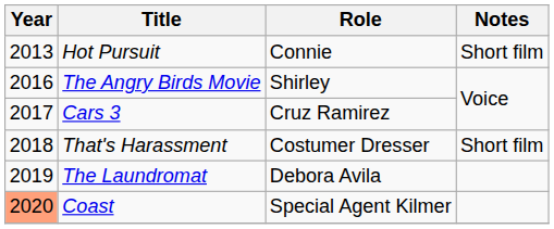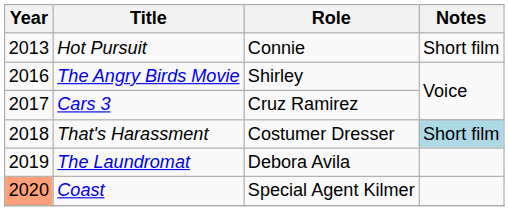 <table class="wikitable sortable">
 <tr>
 <th>Year</th>
 <th>Title</th>
 <th>Role</th>
 <th class="unsortable">Notes</th>
 </tr>
 <tr>
 <td>2013</td>
 <td><em>Hot Pursuit</em></td>
 <td>Connie</td>
 <td>Short film</td>
 </tr>
 <tr>
 <td>2016</td>
 <td><em><a href='#'>The Angry Birds Movie</a></em></td>
 <td>Shirley</td>
 <td rowspan=2>Voice</td>
 </tr>
 <tr>
 <td>2017</td>
 <td><em><a href='#'>Cars 3</a></em></td>
 <td>Cruz Ramirez</td>
 </tr>
 <tr>
 <td>2018</td>
 <td><em>That's Harassment</em></td>
 <td>Costumer Dresser</td>
-<td>Short film</td>
+<td style="background: lightblue;">Short film</td>
 </tr>
 <tr>
 <td>2019</td>
 <td><em><a href='#'>The Laundromat</a></em></td>
 <td>Debora Avila</td>
 <td></td>
 </tr>
 <tr>
 <td style="background: lightsalmon;">2020</td>
 <td><em><a href='#'>Coast</a></em></td>
 <td>Special Agent Kilmer</td>
 <td></td>
 </tr>
 <tr>
 </tr>
 </table>
